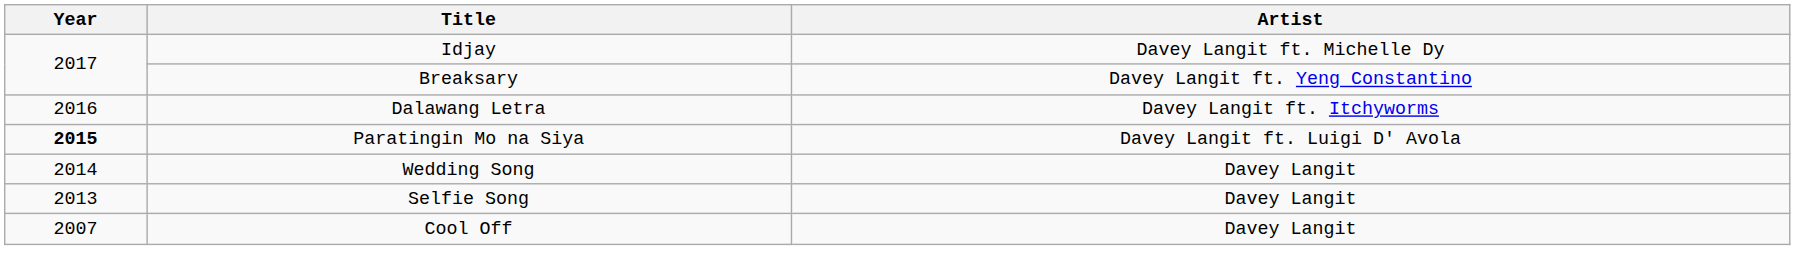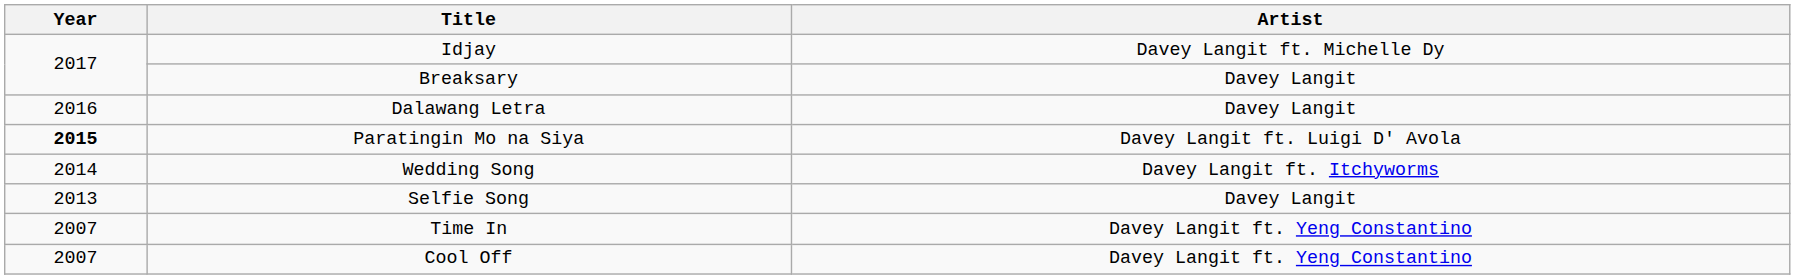 <table class="wikitable sortable" style="text-align:center; font-size:100%; width:80%">
 <tr>
 <th>Year</th>
 <th>Title</th>
 <th>Artist</th>
 </tr>
 <tr>
 <td rowspan="2">2017</td>
 <td>Idjay</td>
 <td>Davey Langit ft. Michelle Dy</td>
 </tr>
 <tr>
 <td>Breaksary</td>
-<td>Davey Langit ft. <a href='#'>Yeng Constantino</a></td>
+<td>Davey Langit</td>
 </tr>
 <tr>
 <td>2016</td>
 <td>Dalawang Letra</td>
-<td>Davey Langit ft. <a href='#'>Itchyworms</a></td>
+<td>Davey Langit</td>
 </tr>
 <tr>
 <td><strong>2015</strong></td>
 <td>Paratingin Mo na Siya</td>
 <td>Davey Langit ft. Luigi D' Avola</td>
 </tr>
 <tr>
 <td>2014</td>
 <td>Wedding Song</td>
-<td>Davey Langit</td>
+<td>Davey Langit ft. <a href='#'>Itchyworms</a></td>
 </tr>
 <tr>
 <td>2013</td>
 <td>Selfie Song</td>
 <td>Davey Langit</td>
 </tr>
 <tr>
 <td>2007</td>
+<td>Time In</td>
+<td>Davey Langit ft. <a href='#'>Yeng Constantino</a></td>
+</tr>
+<tr>
+<td>2007</td>
 <td>Cool Off</td>
-<td>Davey Langit</td>
+<td>Davey Langit ft. <a href='#'>Yeng Constantino</a></td>
 </tr>
 </table>
